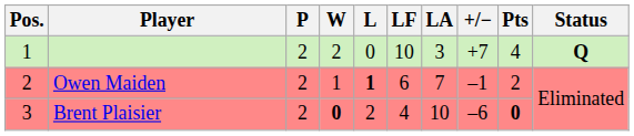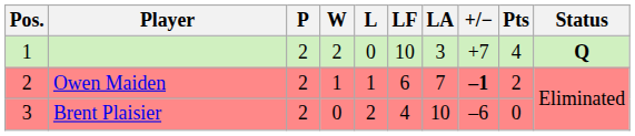 <table class="wikitable" style="text-align:center; margin: 1em auto 1em auto, align:left">
 <tr>
 <th width=20>Pos.</th>
 <th width=185>Player</th>
 <th width=20>P</th>
 <th width=20>W</th>
 <th width=20>L</th>
 <th width=20>LF</th>
 <th width=20>LA</th>
 <th width=25>+/−</th>
 <th width=20>Pts</th>
 <th width=70>Status</th>
 </tr>
 <tr style="background:#D0F0C0;">
 <td>1</td>
 <td align=left></td>
 <td>2</td>
 <td>2</td>
 <td>0</td>
 <td>10</td>
 <td>3</td>
 <td>+7</td>
 <td>4</td>
 <td><strong>Q</strong></td>
 </tr>
 <tr style="background:#FF8888;">
 <td>2</td>
 <td align=left> <a href='#'>Owen Maiden</a></td>
 <td>2</td>
 <td>1</td>
-<td><strong>1</strong></td>
+<td>1</td>
 <td>6</td>
 <td>7</td>
-<td>–1</td>
+<td><strong>–1</strong></td>
 <td>2</td>
 <td rowspan=2>Eliminated</td>
 </tr>
 <tr style="background:#FF8888;">
 <td>3</td>
 <td align=left> <a href='#'>Brent Plaisier</a></td>
 <td>2</td>
-<td><strong>0</strong></td>
+<td>0</td>
 <td>2</td>
 <td>4</td>
 <td>10</td>
 <td>–6</td>
-<td><strong>0</strong></td>
+<td>0</td>
 </tr>
 </table>
